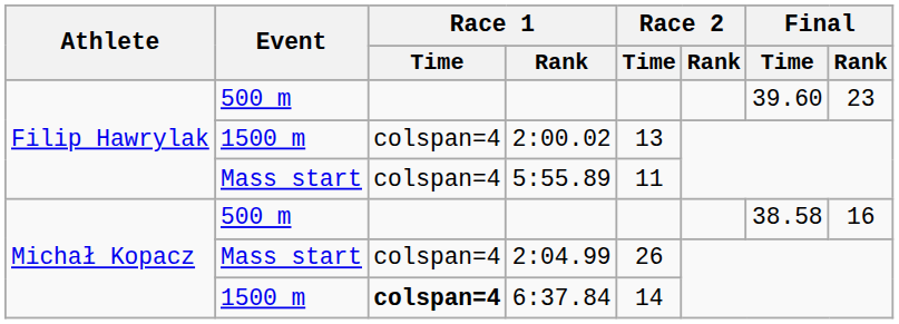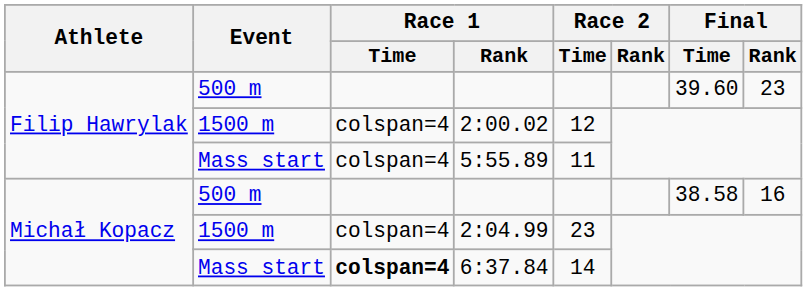 <table class="wikitable" style="font-size:90%">
 <tr>
 <th rowspan=2>Athlete</th>
 <th rowspan=2>Event</th>
 <th colspan=2>Race 1</th>
 <th colspan=2>Race 2</th>
 <th colspan=2>Final</th>
 </tr>
 <tr style="font-size:95%">
 <th>Time</th>
 <th>Rank</th>
 <th>Time</th>
 <th>Rank</th>
 <th>Time</th>
 <th>Rank</th>
 </tr>
 <tr align=center>
 <td align=left rowspan=3><a href='#'>Filip Hawrylak</a></td>
 <td align=left><a href='#'>500 m</a></td>
 <td></td>
 <td></td>
 <td></td>
 <td></td>
 <td>39.60</td>
 <td>23</td>
 </tr>
 <tr align=center>
 <td align=left><a href='#'>1500 m</a></td>
 <td>colspan=4 </td>
 <td>2:00.02</td>
-<td>13</td>
+<td>12</td>
 </tr>
 <tr align=center>
 <td align=left><a href='#'>Mass start</a></td>
 <td>colspan=4 </td>
 <td>5:55.89</td>
 <td>11</td>
 </tr>
 <tr align=center>
 <td align=left rowspan=3><a href='#'>Michał Kopacz</a></td>
 <td align=left><a href='#'>500 m</a></td>
 <td></td>
 <td></td>
 <td></td>
 <td></td>
 <td>38.58</td>
 <td>16</td>
 </tr>
 <tr align=center>
-<td align=left><a href='#'>Mass start</a></td>
+<td align=left><a href='#'>1500 m</a></td>
 <td>colspan=4 </td>
 <td>2:04.99</td>
-<td>26</td>
+<td>23</td>
 </tr>
 <tr align=center>
-<td align=left><a href='#'>1500 m</a></td>
+<td align=left><a href='#'>Mass start</a></td>
 <td><strong>colspan=4 </strong></td>
 <td>6:37.84</td>
 <td>14</td>
 </tr>
 </table>
